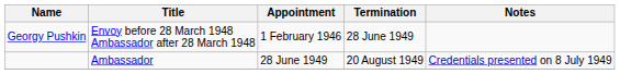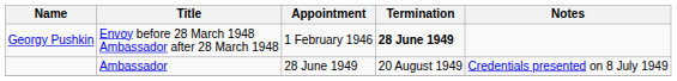 <table class="wikitable">
 <tr valign="middle">
 <th>Name</th>
 <th>Title</th>
 <th>Appointment</th>
 <th>Termination</th>
 <th>Notes</th>
 </tr>
 <tr>
 <td><a href='#'>Georgy Pushkin</a></td>
 <td><a href='#'>Envoy</a> before 28 March 1948<br><a href='#'>Ambassador</a> after 28 March 1948</td>
 <td>1 February 1946</td>
-<td>28 June 1949</td>
+<td><strong>28 June 1949</strong></td>
 <td></td>
 </tr>
 <tr>
 <td></td>
 <td><a href='#'>Ambassador</a></td>
 <td>28 June 1949</td>
 <td>20 August 1949</td>
 <td><a href='#'>Credentials presented</a> on 8 July 1949</td>
 </tr>
 <tr>
 </tr>
 </table>
